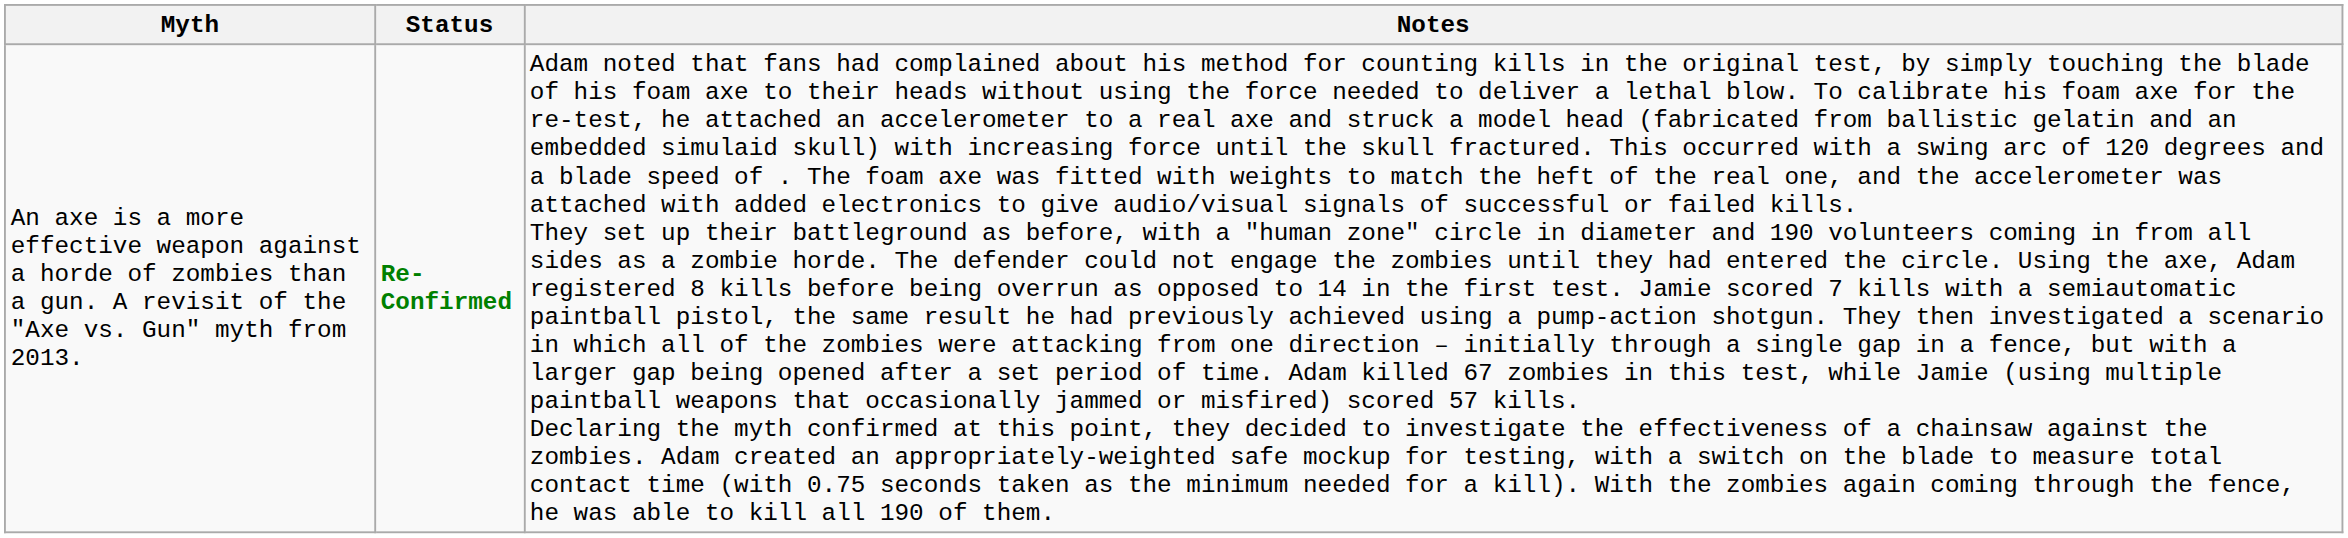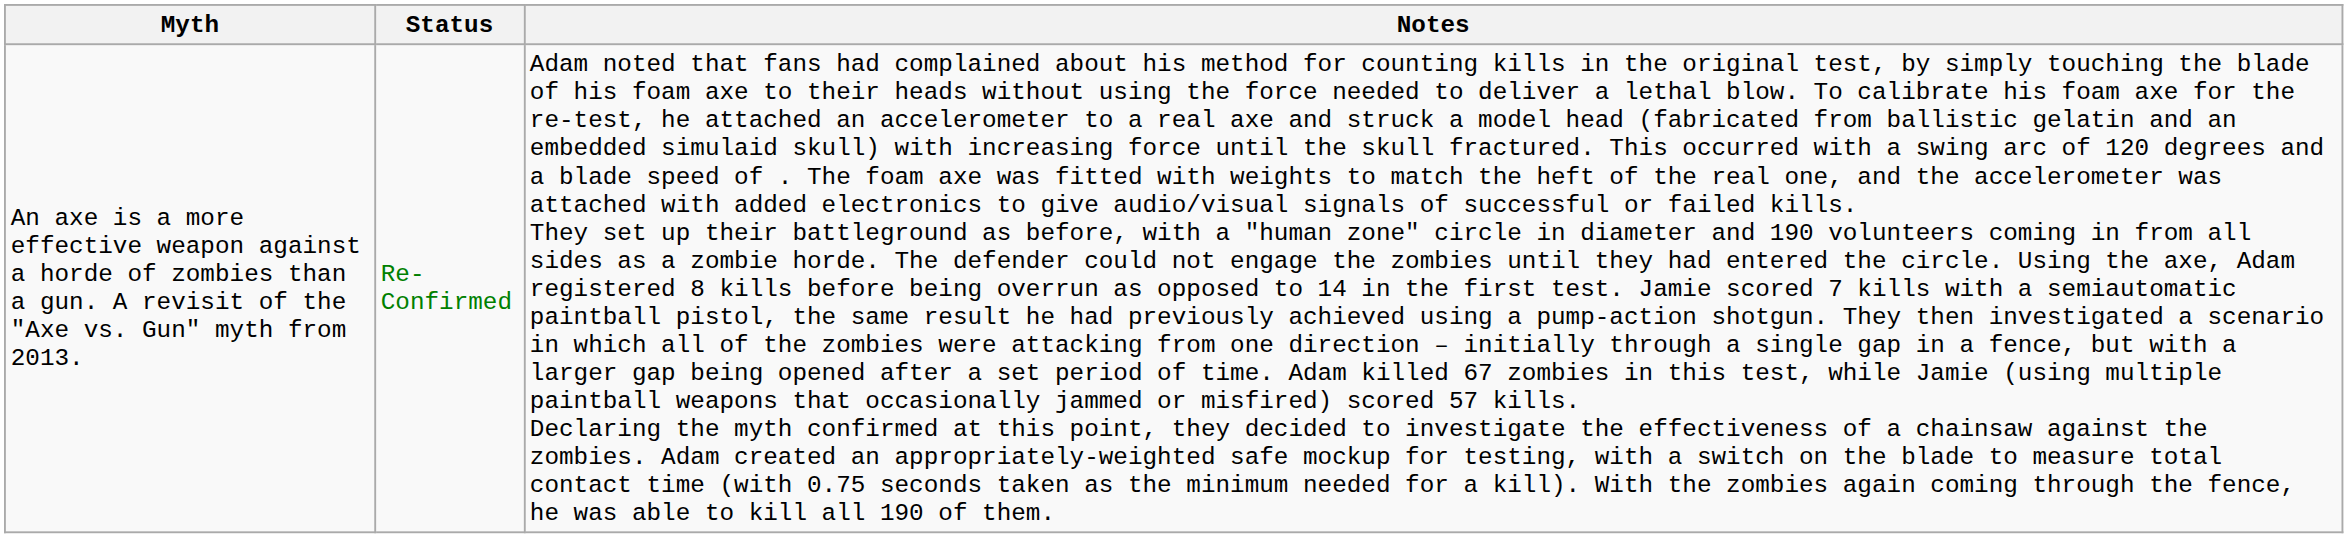 <table class="wikitable plainrowheaders">
 <tr>
 <th scope"col">Myth</th>
 <th scope"col">Status</th>
 <th scope"col">Notes</th>
 </tr>
 <tr>
 <td scope"row">An axe is a more effective weapon against a horde of zombies than a gun. A revisit of the "Axe vs. Gun" myth from 2013.</td>
-<td style="color:green"><strong>Re-Confirmed</strong></td>
+<td style="color:green">Re-Confirmed</td>
 <td>Adam noted that fans had complained about his method for counting kills in the original test, by simply touching the blade of his foam axe to their heads without using the force needed to deliver a lethal blow. To calibrate his foam axe for the re-test, he attached an accelerometer to a real axe and struck a model head (fabricated from ballistic gelatin and an embedded simulaid skull) with increasing force until the skull fractured. This occurred with a swing arc of 120 degrees and a blade speed of . The foam axe was fitted with weights to match the heft of the real one, and the accelerometer was attached with added electronics to give audio/visual signals of successful or failed kills.<br>They set up their battleground as before, with a "human zone" circle  in diameter and 190 volunteers coming in from all sides as a zombie horde. The defender could not engage the zombies until they had entered the circle. Using the axe, Adam registered 8 kills before being overrun as opposed to 14 in the first test. Jamie scored 7 kills with a semiautomatic paintball pistol, the same result he had previously achieved using a pump-action shotgun. They then investigated a scenario in which all of the zombies were attacking from one direction – initially through a single gap in a fence, but with a larger gap being opened after a set period of time. Adam killed 67 zombies in this test, while Jamie (using multiple paintball weapons that occasionally jammed or misfired) scored 57 kills.<br>Declaring the myth confirmed at this point, they decided to investigate the effectiveness of a chainsaw against the zombies. Adam created an appropriately-weighted safe mockup for testing, with a switch on the blade to measure total contact time (with 0.75 seconds taken as the minimum needed for a kill). With the zombies again coming through the fence, he was able to kill all 190 of them.</td>
 </tr>
 </table>
